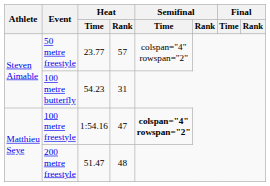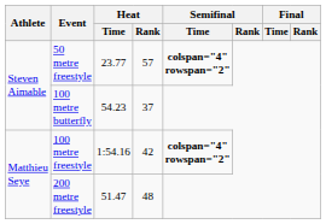 <table class="wikitable" style="text-align:center; font-size:90%; width:50%;">
 <tr>
 <th rowspan="2">Athlete</th>
 <th rowspan="2">Event</th>
 <th colspan="2">Heat</th>
 <th colspan="2">Semifinal</th>
 <th colspan="2">Final</th>
 </tr>
 <tr style="font-size:95%">
 <th>Time</th>
 <th>Rank</th>
 <th>Time</th>
 <th>Rank</th>
 <th>Time</th>
 <th>Rank</th>
 </tr>
 <tr align=center>
 <td align=left rowspan="2"><a href='#'>Steven Aimable</a></td>
 <td align=left><a href='#'>50 metre freestyle</a></td>
 <td>23.77</td>
 <td>57</td>
-<td>colspan="4" rowspan="2"</td>
+<td><strong>colspan="4" rowspan="2"</strong></td>
 </tr>
 <tr align=center>
 <td align=left><a href='#'>100 metre butterfly</a></td>
 <td>54.23</td>
-<td>31</td>
+<td>37</td>
 </tr>
 <tr align=center>
 <td align=left rowspan="2"><a href='#'>Matthieu Seye</a></td>
 <td align=left><a href='#'>100 metre freestyle</a></td>
 <td>1:54.16</td>
-<td>47</td>
+<td>42</td>
 <td><strong>colspan="4" rowspan="2"</strong></td>
 </tr>
 <tr align=center>
 <td align=left><a href='#'>200 metre freestyle</a></td>
 <td>51.47</td>
 <td>48</td>
 </tr>
 </table>
